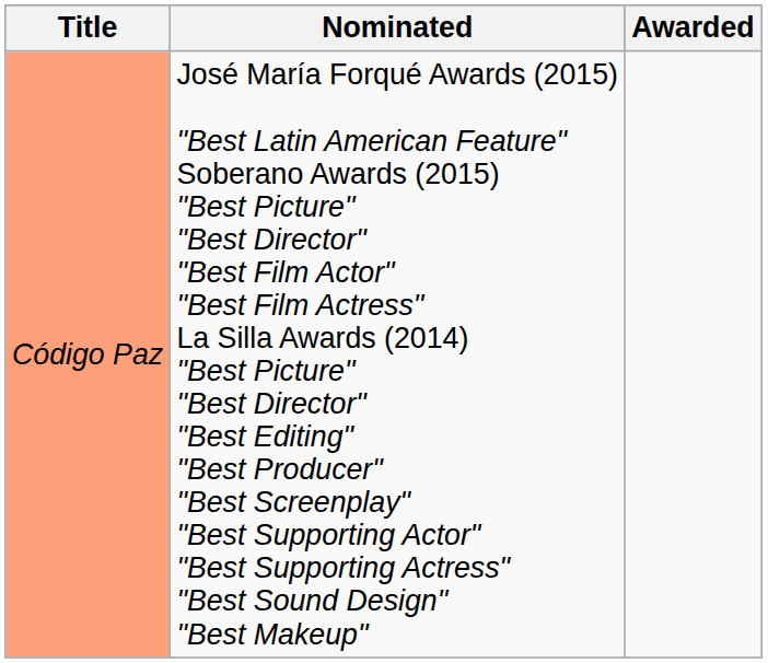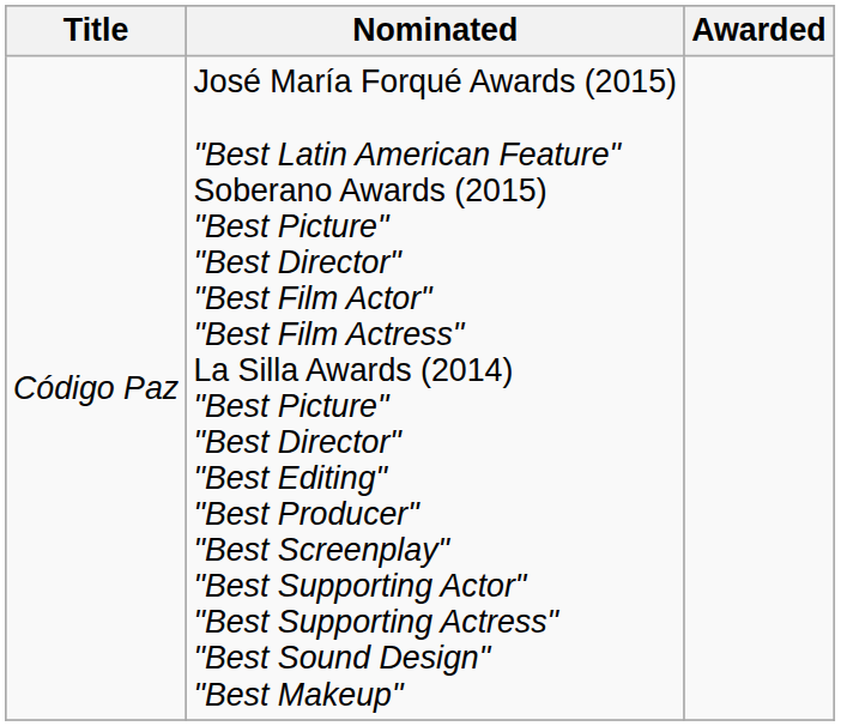 <table class="wikitable">
 <tr>
 <th>Title</th>
 <th>Nominated</th>
 <th>Awarded</th>
 </tr>
 <tr>
-<td style="background: lightsalmon;"><em>Código Paz</em></td>
+<td><em>Código Paz</em></td>
 <td>José María Forqué Awards (2015)<br><br><em>"Best Latin American Feature"</em><br>Soberano Awards (2015)<br> <em>"Best Picture"</em><br> <em>"Best Director"</em><br> <em>"Best Film Actor"</em><br> <em>"Best Film Actress"</em><br>La Silla Awards (2014)<br> <em>"Best Picture"</em><br> <em>"Best Director"</em><br> <em>"Best Editing"</em><br> <em>"Best Producer"</em><br> <em>"Best Screenplay"</em><br> <em>"Best Supporting Actor"</em><br> <em>"Best Supporting Actress"</em><br> <em>"Best Sound Design"</em><br> <em>"Best Makeup"</em></td>
 </tr>
 </table>
